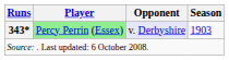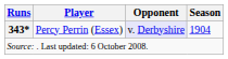 <table class="wikitable">
 <tr>
 <th><a href='#'>Runs</a></th>
 <th><a href='#'>Player</a></th>
 <th>Opponent</th>
 <th>Season</th>
 </tr>
 <tr>
 <th>343*</th>
-<td style="background: lightgreen;"><a href='#'>Percy Perrin</a> (<a href='#'>Essex</a>)</td>
+<td><a href='#'>Percy Perrin</a> (<a href='#'>Essex</a>)</td>
 <td style="background: lavender;">v. <a href='#'>Derbyshire</a></td>
-<td><a href='#'>1903</a></td>
+<td><a href='#'>1904</a></td>
 </tr>
 <tr>
 <td colspan=4><small><em>Source: </em>. Last updated: 6 October 2008.</small></td>
 </tr>
 </table>
